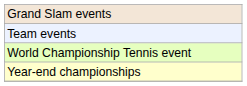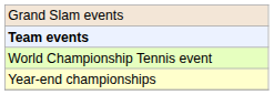 <table class="wikitable" style="font-size:95%;" width=15%>
 <tr bgcolor="#F3E6D7">
 <td>Grand Slam events</td>
 </tr>
 <tr bgcolor="#ECF2FF">
-<td>Team events</td>
+<td><strong>Team events</strong></td>
 </tr>
 <tr style="background:#E6FFBF;">
 <td>World Championship Tennis event</td>
 </tr>
 <tr bgcolor="#FFFFCC">
 <td>Year-end championships</td>
 </tr>
 <tr>
 </tr>
 </table>
